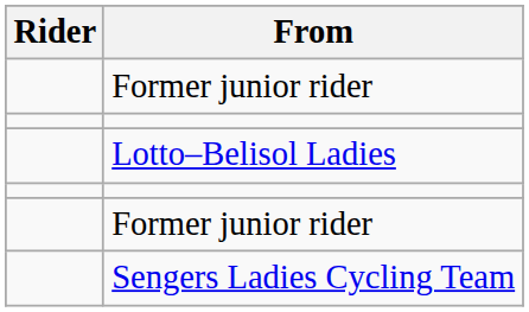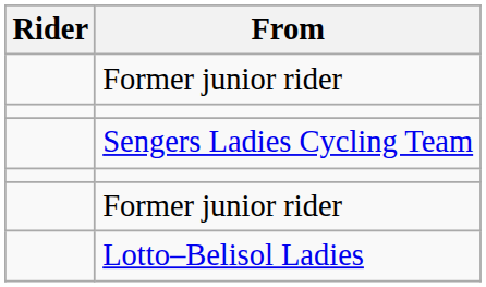 <table class="wikitable sortable">
 <tr>
 <th>Rider</th>
 <th>From</th>
 </tr>
 <tr>
 <td></td>
 <td>Former junior rider</td>
 </tr>
 <tr>
 <td></td>
 <td></td>
 </tr>
 <tr>
 <td></td>
-<td><a href='#'>Lotto–Belisol Ladies</a></td>
+<td><a href='#'>Sengers Ladies Cycling Team</a></td>
 </tr>
 <tr>
 <td></td>
 <td></td>
 </tr>
 <tr>
 <td></td>
 <td>Former junior rider</td>
 </tr>
 <tr>
 <td></td>
-<td><a href='#'>Sengers Ladies Cycling Team</a></td>
+<td><a href='#'>Lotto–Belisol Ladies</a></td>
 </tr>
 </table>
